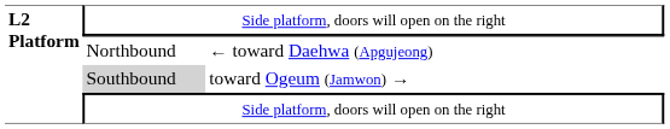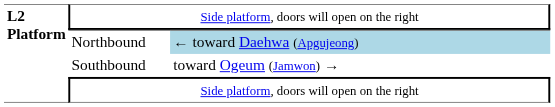 <table table border=0 cellspacing=0 cellpadding=3>
 <tr>
 <td style="border-top:solid 1px gray;border-bottom:solid 1px gray;" width=50 rowspan=10 valign=top><strong>L2<br>Platform</strong></td>
 <td style="border-top:solid 1px gray;border-right:solid 2px black;border-left:solid 2px black;border-bottom:solid 2px black;text-align:center;" colspan=2><small><a href='#'>Side platform</a>, doors will open on the right</small></td>
 </tr>
 <tr>
 <td style="border-bottom:solid 0px gray;border-top:solid 1px gray;" width=100>Northbound</td>
-<td style="border-bottom:solid 0px gray;border-top:solid 1px gray;" width=390>←  toward <a href='#'>Daehwa</a> <small>(<a href='#'>Apgujeong</a>)</small></td>
+<td style="background: lightblue; border-bottom:solid 0px gray;border-top:solid 1px gray;" width=390>←  toward <a href='#'>Daehwa</a> <small>(<a href='#'>Apgujeong</a>)</small></td>
 </tr>
 <tr>
-<td style="background: lightgrey;">Southbound</td>
+<td>Southbound</td>
 <td>  toward <a href='#'>Ogeum</a> <small>(<a href='#'>Jamwon</a>)</small> →</td>
 </tr>
 <tr>
 <td style="border-top:solid 2px black;border-right:solid 2px black;border-left:solid 2px black;border-bottom:solid 1px gray;text-align:center;" colspan=2><small><a href='#'>Side platform</a>, doors will open on the right</small></td>
 </tr>
 </table>
